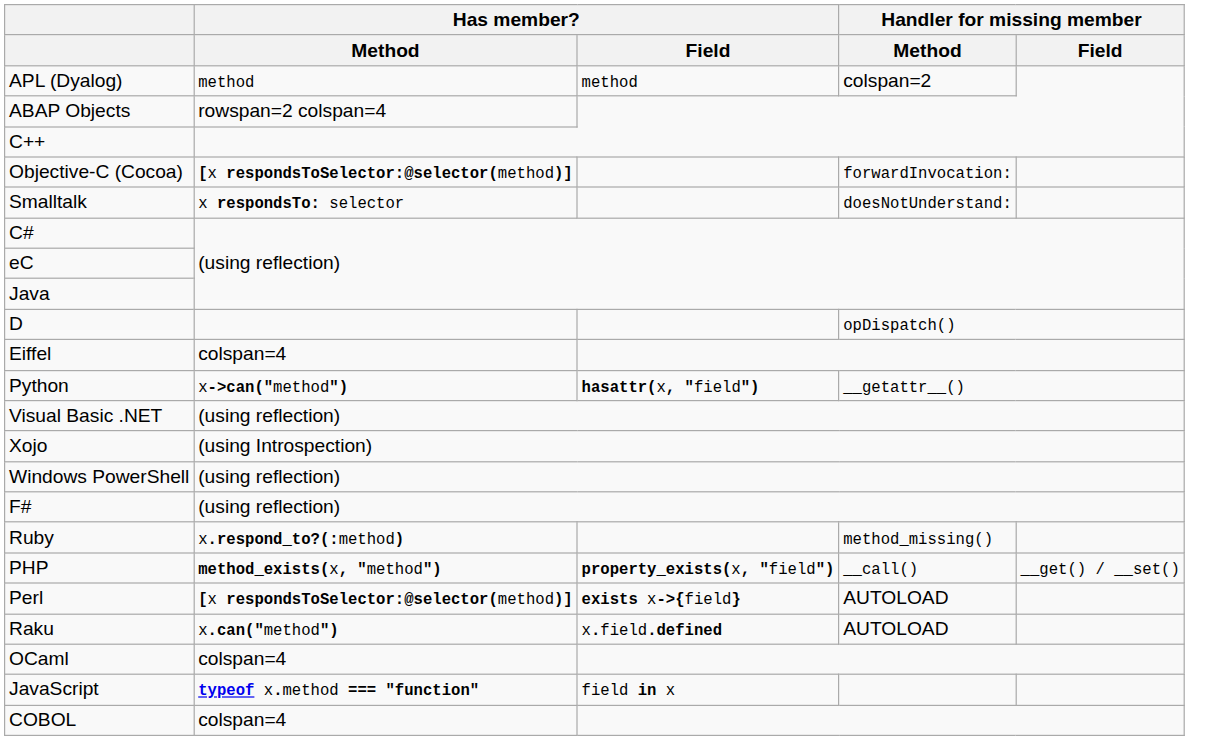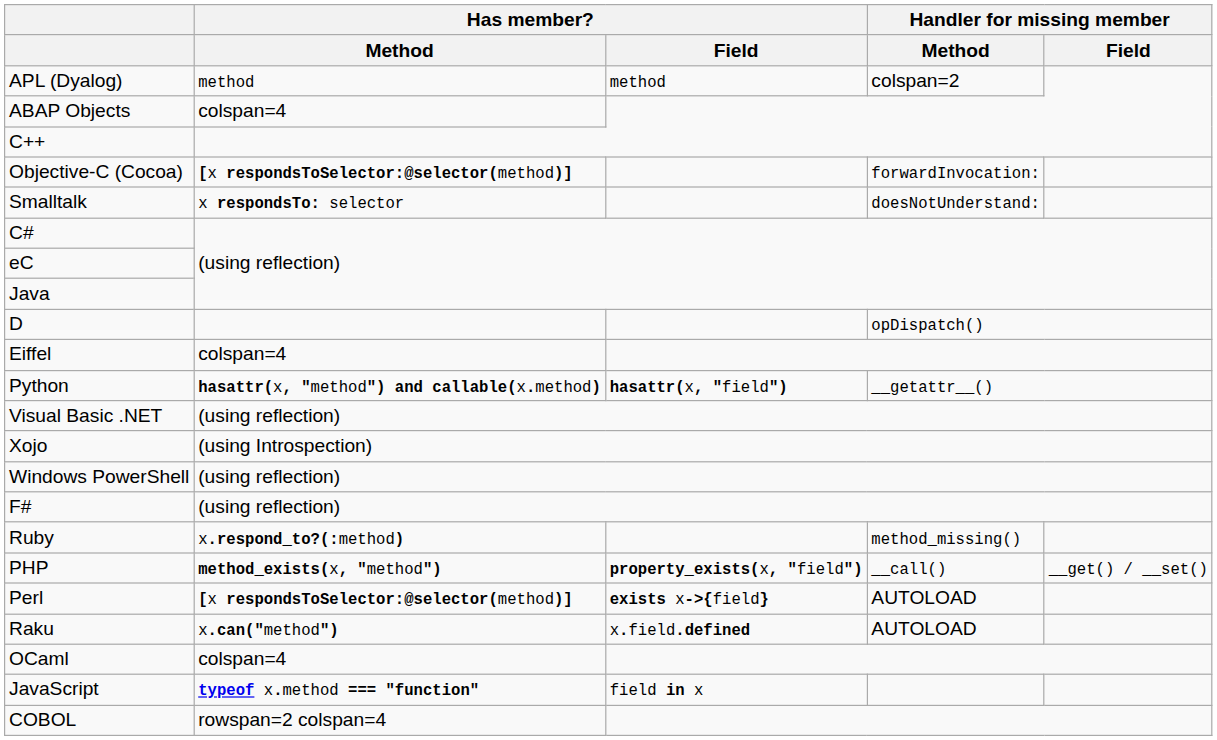 <table class="wikitable">
 <tr>
 <th></th>
 <th colspan=2>Has member?</th>
 <th colspan=2>Handler for missing member</th>
 </tr>
 <tr>
 <th></th>
 <th>Method</th>
 <th>Field</th>
 <th>Method</th>
 <th>Field</th>
 </tr>
 <tr>
 <td>APL (Dyalog)</td>
 <td><code><strong></strong>method<strong></strong></code></td>
 <td><code><strong></strong>method<strong></strong></code></td>
 <td>colspan=2 </td>
 </tr>
 <tr>
 <td>ABAP Objects</td>
-<td>rowspan=2 colspan=4 </td>
+<td>colspan=4 </td>
 </tr>
 <tr>
 <td>C++</td>
 </tr>
 <tr>
 <td>Objective-C (Cocoa)</td>
 <td><code><strong>[</strong>x<strong> respondsToSelector:@selector(</strong>method<strong>)]</strong></code></td>
 <td></td>
 <td><code>forwardInvocation:</code></td>
 <td></td>
 </tr>
 <tr>
 <td>Smalltalk</td>
 <td><code>x <strong>respondsTo:</strong> selector</code></td>
 <td></td>
 <td><code>doesNotUnderstand:</code></td>
 <td></td>
 </tr>
 <tr>
 <td>C#</td>
 <td rowspan=3 colspan=4>(using reflection)</td>
 </tr>
 <tr>
 <td>eC</td>
 </tr>
 <tr>
 <td>Java</td>
 </tr>
 <tr>
 <td>D</td>
 <td></td>
 <td></td>
 <td colspan=2><code>opDispatch()</code></td>
 </tr>
 <tr>
 <td>Eiffel</td>
 <td>colspan=4 </td>
 </tr>
 <tr>
 <td>Python</td>
-<td><code>x<strong>->can("</strong>method<strong>")</strong></code></td>
+<td><code><strong>hasattr(</strong>x<strong>, "</strong>method<strong>") and callable(</strong>x<strong>.</strong>method<strong>)</strong></code></td>
 <td><code><strong>hasattr(</strong>x<strong>, "</strong>field<strong>")</strong></code></td>
 <td colspan=2><code>__getattr__()</code></td>
 </tr>
 <tr>
 <td>Visual Basic .NET</td>
 <td colspan=4>(using reflection)</td>
 </tr>
 <tr>
 <td>Xojo</td>
 <td colspan=4>(using Introspection)</td>
 </tr>
 <tr>
 <td>Windows PowerShell</td>
 <td colspan=4>(using reflection)</td>
 </tr>
 <tr>
 <td>F#</td>
 <td colspan=4>(using reflection)</td>
 </tr>
 <tr>
 <td>Ruby</td>
 <td><code>x<strong>.respond_to?(:</strong>method<strong>)</strong></code></td>
 <td></td>
 <td><code>method_missing()</code></td>
 <td></td>
 </tr>
 <tr>
 <td>PHP</td>
 <td><code><strong>method_exists(</strong>x<strong>, "</strong>method<strong>")</strong></code></td>
 <td><code><strong>property_exists(</strong>x<strong>, "</strong>field<strong>")</strong></code></td>
 <td><code>__call()</code></td>
 <td><code>__get() / __set()</code></td>
 </tr>
 <tr>
 <td>Perl</td>
 <td><code><strong>[</strong>x<strong> respondsToSelector:@selector(</strong>method<strong>)]</strong></code></td>
 <td><code><strong>exists </strong>x<strong>->{</strong>field<strong>}</strong></code></td>
 <td>AUTOLOAD</td>
 <td></td>
 </tr>
 <tr>
 <td>Raku</td>
 <td><code>x<strong>.can("</strong>method<strong>")</strong></code></td>
 <td><code>x<strong>.</strong>field<strong>.defined</strong></code></td>
 <td>AUTOLOAD</td>
 <td></td>
 </tr>
 <tr>
 <td>OCaml</td>
 <td>colspan=4 </td>
 </tr>
 <tr>
 <td>JavaScript</td>
 <td><code><strong><a href='#'>typeof</a> </strong>x<strong>.</strong>method<strong> === "function"</strong></code></td>
 <td><code>field <strong>in</strong> x</code></td>
 <td></td>
 <td></td>
 </tr>
 <tr>
 <td>COBOL</td>
-<td>colspan=4 </td>
+<td>rowspan=2 colspan=4 </td>
 </tr>
 </table>
